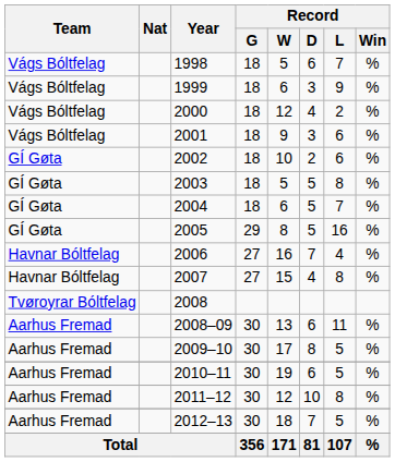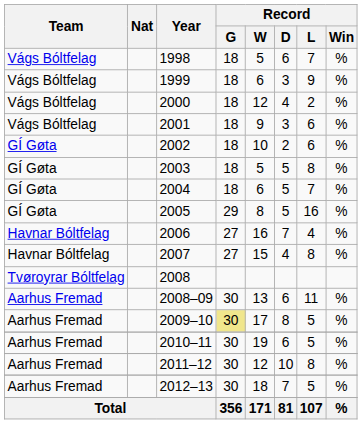 <table class="wikitable" style="text-align: center">
 <tr>
 <th rowspan="2">Team</th>
 <th rowspan="2">Nat</th>
 <th rowspan="2">Year</th>
 <th colspan="5">Record</th>
 </tr>
 <tr>
 <th>G</th>
 <th>W</th>
 <th>D</th>
 <th>L</th>
 <th>Win</th>
 </tr>
 <tr>
 <td align="left"><a href='#'>Vágs Bóltfelag</a></td>
 <td></td>
 <td align="left">1998</td>
 <td>18</td>
 <td>5</td>
 <td>6</td>
 <td>7</td>
 <td>%</td>
 </tr>
 <tr>
 <td align="left">Vágs Bóltfelag</td>
 <td></td>
 <td align="left">1999</td>
 <td>18</td>
 <td>6</td>
 <td>3</td>
 <td>9</td>
 <td>%</td>
 </tr>
 <tr>
 <td align="left">Vágs Bóltfelag</td>
 <td></td>
 <td align="left">2000</td>
 <td>18</td>
 <td>12</td>
 <td>4</td>
 <td>2</td>
 <td>%</td>
 </tr>
 <tr>
 <td align="left">Vágs Bóltfelag</td>
 <td></td>
 <td align="left">2001</td>
 <td>18</td>
 <td>9</td>
 <td>3</td>
 <td>6</td>
 <td>%</td>
 </tr>
 <tr>
 <td align="left"><a href='#'>GÍ Gøta</a></td>
 <td></td>
 <td align="left">2002</td>
 <td>18</td>
 <td>10</td>
 <td>2</td>
 <td>6</td>
 <td>%</td>
 </tr>
 <tr>
 <td align="left">GÍ Gøta</td>
 <td></td>
 <td align="left">2003</td>
 <td>18</td>
 <td>5</td>
 <td>5</td>
 <td>8</td>
 <td>%</td>
 </tr>
 <tr>
 <td align="left">GÍ Gøta</td>
 <td></td>
 <td align="left">2004</td>
 <td>18</td>
 <td>6</td>
 <td>5</td>
 <td>7</td>
 <td>%</td>
 </tr>
 <tr>
 <td align="left">GÍ Gøta</td>
 <td></td>
 <td align="left">2005</td>
 <td>29</td>
 <td>8</td>
 <td>5</td>
 <td>16</td>
 <td>%</td>
 </tr>
 <tr>
 <td align="left"><a href='#'>Havnar Bóltfelag</a></td>
 <td></td>
 <td align="left">2006</td>
 <td>27</td>
 <td>16</td>
 <td>7</td>
 <td>4</td>
 <td>%</td>
 </tr>
 <tr>
 <td align="left">Havnar Bóltfelag</td>
 <td></td>
 <td align="left">2007</td>
 <td>27</td>
 <td>15</td>
 <td>4</td>
 <td>8</td>
 <td>%</td>
 </tr>
 <tr>
 <td align="left"><a href='#'>Tvøroyrar Bóltfelag</a></td>
 <td></td>
 <td align="left">2008</td>
 <td></td>
 <td></td>
 <td></td>
 <td></td>
 <td></td>
 </tr>
 <tr>
 <td align="left"><a href='#'>Aarhus Fremad</a></td>
 <td></td>
 <td align="left">2008–09</td>
 <td>30</td>
 <td>13</td>
 <td>6</td>
 <td>11</td>
 <td>%</td>
 </tr>
 <tr>
 <td align="left">Aarhus Fremad</td>
 <td></td>
 <td align="left">2009–10</td>
-<td>30</td>
+<td style="background: khaki;">30</td>
 <td>17</td>
 <td>8</td>
 <td>5</td>
 <td>%</td>
 </tr>
 <tr +>
 </tr>
 <tr>
 <td align="left">Aarhus Fremad</td>
 <td></td>
 <td align="left">2010–11</td>
 <td>30</td>
 <td>19</td>
 <td>6</td>
 <td>5</td>
 <td>%</td>
 </tr>
 <tr +>
 </tr>
 <tr>
 <td align="left">Aarhus Fremad</td>
 <td></td>
 <td align="left">2011–12</td>
 <td>30</td>
 <td>12</td>
 <td>10</td>
 <td>8</td>
 <td>%</td>
 </tr>
 <tr +>
 </tr>
 <tr>
 <td align="left">Aarhus Fremad</td>
 <td></td>
 <td align="left">2012–13</td>
 <td>30</td>
 <td>18</td>
 <td>7</td>
 <td>5</td>
 <td>%</td>
 </tr>
 <tr +>
 </tr>
 <tr>
 <th align="center" colspan="3">Total</th>
 <th>356</th>
 <th>171</th>
 <th>81</th>
 <th>107</th>
 <th>%</th>
 </tr>
 </table>
